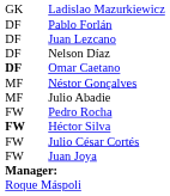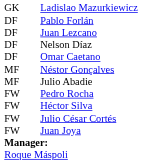 <table style="font-size:90%; margin:0.2em auto;" cellspacing="0" cellpadding="0">
 <tr>
 <th width="25"></th>
 <th width="25"></th>
 </tr>
 <tr>
 <td>GK</td>
 <td></td>
 <td> <a href='#'>Ladislao Mazurkiewicz</a></td>
 </tr>
 <tr>
 <td>DF</td>
 <td></td>
 <td> <a href='#'>Pablo Forlán</a></td>
 </tr>
 <tr>
 <td>DF</td>
 <td></td>
 <td> <a href='#'>Juan Lezcano</a></td>
 </tr>
 <tr>
 <td>DF</td>
 <td></td>
 <td> Nelson Díaz</td>
 </tr>
 <tr>
-<td><strong>DF</strong></td>
+<td>DF</td>
 <td></td>
 <td> <a href='#'>Omar Caetano</a></td>
 </tr>
 <tr>
 <td>MF</td>
 <td></td>
 <td> <a href='#'>Néstor Gonçalves</a></td>
 </tr>
 <tr>
 <td>MF</td>
 <td></td>
 <td> Julio Abadie</td>
 </tr>
 <tr>
 <td>FW</td>
 <td></td>
 <td> <a href='#'>Pedro Rocha</a></td>
 </tr>
 <tr>
-<td><strong>FW</strong></td>
+<td>FW</td>
 <td></td>
 <td> <a href='#'>Héctor Silva</a></td>
 </tr>
 <tr>
 <td>FW</td>
 <td></td>
 <td> <a href='#'>Julio César Cortés</a></td>
 </tr>
 <tr>
 <td>FW</td>
 <td></td>
 <td> <a href='#'>Juan Joya</a></td>
 </tr>
 <tr>
 <td colspan=3><strong>Manager:</strong></td>
 </tr>
 <tr>
 <td colspan=4> <a href='#'>Roque Máspoli</a></td>
 </tr>
 </table>
